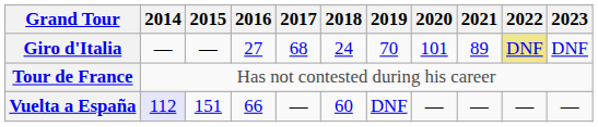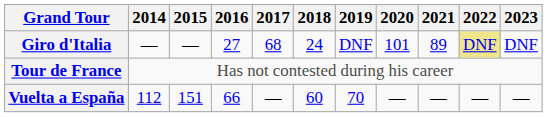 <table class="wikitable plainrowheaders">
 <tr>
 <th scope="col"><a href='#'>Grand Tour</a></th>
 <th scope="col">2014</th>
 <th scope="col">2015</th>
 <th scope="col">2016</th>
 <th scope="col">2017</th>
 <th scope="col">2018</th>
 <th scope="col">2019</th>
 <th scope="col">2020</th>
 <th scope="col">2021</th>
 <th scope="col">2022</th>
 <th scope="col">2023</th>
 </tr>
 <tr style="text-align:center;">
 <th scope="row"> <a href='#'>Giro d'Italia</a></th>
 <td>—</td>
 <td>—</td>
 <td><a href='#'>27</a></td>
 <td><a href='#'>68</a></td>
 <td><a href='#'>24</a></td>
-<td><a href='#'>70</a></td>
+<td><a href='#'>DNF</a></td>
 <td><a href='#'>101</a></td>
 <td><a href='#'>89</a></td>
 <td style="background: khaki;"><a href='#'>DNF</a></td>
 <td><a href='#'>DNF</a></td>
 </tr>
 <tr style="text-align:center;">
 <th scope="row"> <a href='#'>Tour de France</a></th>
 <td style="color:#4d4d4d;" colspan=10>Has not contested during his career</td>
 </tr>
 <tr style="text-align:center;">
 <th scope="row"> <a href='#'>Vuelta a España</a></th>
-<td style="background: lavender;"><a href='#'>112</a></td>
+<td><a href='#'>112</a></td>
 <td><a href='#'>151</a></td>
 <td><a href='#'>66</a></td>
 <td>—</td>
 <td><a href='#'>60</a></td>
-<td><a href='#'>DNF</a></td>
+<td><a href='#'>70</a></td>
 <td>—</td>
 <td>—</td>
 <td>—</td>
 <td>—</td>
 </tr>
 </table>
